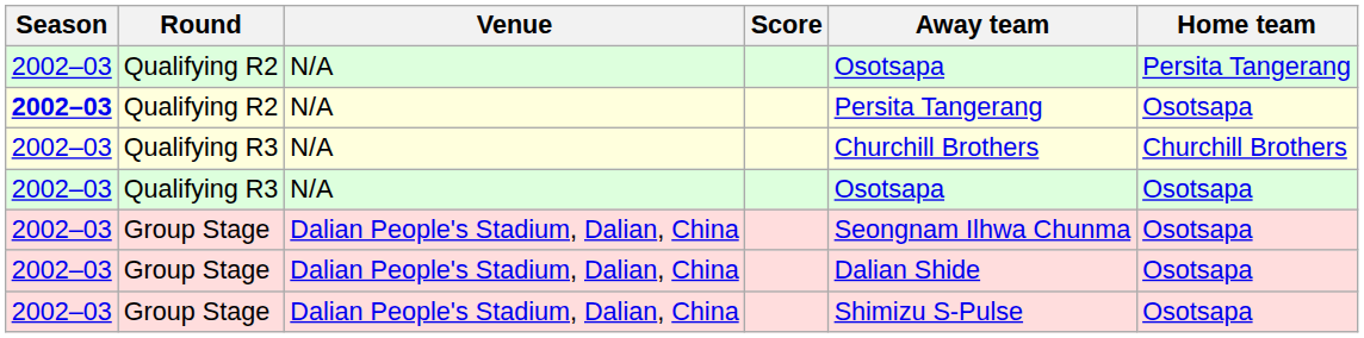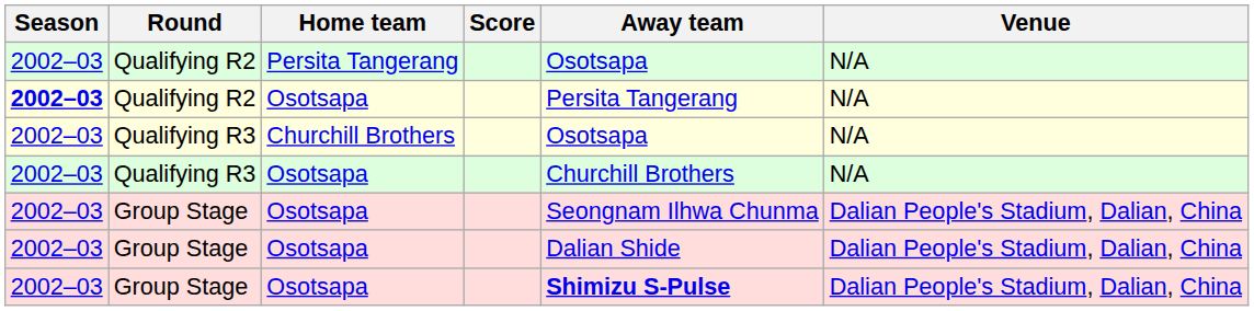 <table class="wikitable">
 <tr>
 <th>Season</th>
 <th>Round</th>
-<th>Venue</th>
+<th>Home team</th>
 <th>Score</th>
 <th>Away team</th>
-<th>Home team</th>
+<th>Venue</th>
 </tr>
 <tr style="background:#ddffdd">
 <td><a href='#'>2002–03</a></td>
 <td>Qualifying R2</td>
-<td>N/A</td>
+<td> <a href='#'>Persita Tangerang</a></td>
 <td></td>
 <td> <a href='#'>Osotsapa</a></td>
-<td> <a href='#'>Persita Tangerang</a></td>
+<td>N/A</td>
 </tr>
 <tr style="background:#ffffdd">
 <td><strong><a href='#'>2002–03</a></strong></td>
 <td>Qualifying R2</td>
-<td>N/A</td>
+<td> <a href='#'>Osotsapa</a></td>
 <td></td>
 <td> <a href='#'>Persita Tangerang</a></td>
-<td> <a href='#'>Osotsapa</a></td>
+<td>N/A</td>
 </tr>
 <tr style="background:#ffffdd">
 <td><a href='#'>2002–03</a></td>
 <td>Qualifying R3</td>
+<td> <a href='#'>Churchill Brothers</a></td>
+<td></td>
+<td> <a href='#'>Osotsapa</a></td>
 <td>N/A</td>
-<td></td>
-<td> <a href='#'>Churchill Brothers</a></td>
-<td> <a href='#'>Churchill Brothers</a></td>
 </tr>
 <tr style="background:#ddffdd">
 <td><a href='#'>2002–03</a></td>
 <td>Qualifying R3</td>
+<td> <a href='#'>Osotsapa</a></td>
+<td></td>
+<td> <a href='#'>Churchill Brothers</a></td>
 <td>N/A</td>
-<td></td>
-<td> <a href='#'>Osotsapa</a></td>
-<td> <a href='#'>Osotsapa</a></td>
 </tr>
 <tr style="background:#ffdddd">
 <td><a href='#'>2002–03</a></td>
 <td>Group Stage</td>
-<td><a href='#'>Dalian People's Stadium</a>, <a href='#'>Dalian</a>, <a href='#'>China</a></td>
+<td> <a href='#'>Osotsapa</a></td>
 <td></td>
 <td> <a href='#'>Seongnam Ilhwa Chunma</a></td>
-<td> <a href='#'>Osotsapa</a></td>
+<td><a href='#'>Dalian People's Stadium</a>, <a href='#'>Dalian</a>, <a href='#'>China</a></td>
 </tr>
 <tr style="background:#ffdddd">
 <td><a href='#'>2002–03</a></td>
 <td>Group Stage</td>
-<td><a href='#'>Dalian People's Stadium</a>, <a href='#'>Dalian</a>, <a href='#'>China</a></td>
+<td> <a href='#'>Osotsapa</a></td>
 <td></td>
 <td> <a href='#'>Dalian Shide</a></td>
-<td> <a href='#'>Osotsapa</a></td>
+<td><a href='#'>Dalian People's Stadium</a>, <a href='#'>Dalian</a>, <a href='#'>China</a></td>
 </tr>
 <tr style="background:#ffdddd">
 <td><a href='#'>2002–03</a></td>
 <td>Group Stage</td>
+<td> <a href='#'>Osotsapa</a></td>
+<td></td>
+<td><strong> <a href='#'>Shimizu S-Pulse</a></strong></td>
 <td><a href='#'>Dalian People's Stadium</a>, <a href='#'>Dalian</a>, <a href='#'>China</a></td>
-<td></td>
-<td> <a href='#'>Shimizu S-Pulse</a></td>
-<td> <a href='#'>Osotsapa</a></td>
 </tr>
 </table>
